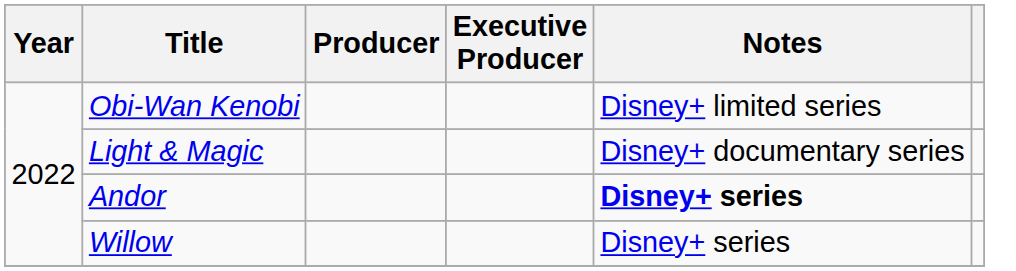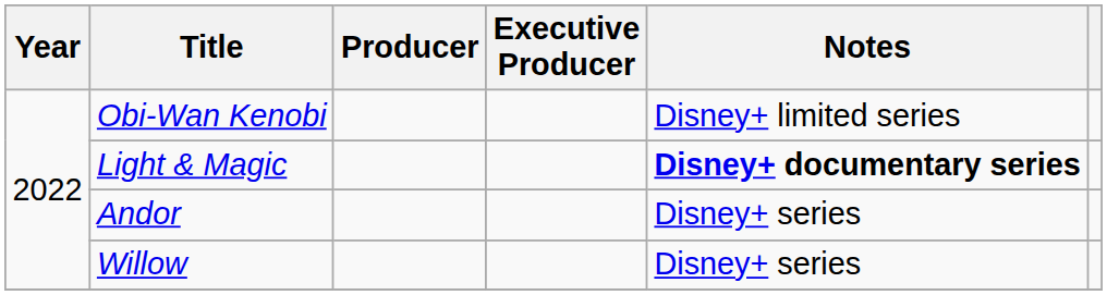 <table class = "wikitable">
 <tr>
 <th>Year</th>
 <th>Title</th>
 <th>Producer</th>
 <th>Executive<br>Producer</th>
 <th class="unsortable">Notes</th>
 <th class="unsortable"></th>
 </tr>
 <tr>
 <td rowspan="4">2022</td>
 <td><em><a href='#'>Obi-Wan Kenobi</a></em></td>
 <td></td>
 <td></td>
 <td><a href='#'>Disney+</a> limited series</td>
 <td></td>
 </tr>
 <tr>
 <td><em><a href='#'>Light & Magic</a></em></td>
 <td></td>
 <td></td>
-<td><a href='#'>Disney+</a> documentary series</td>
+<td><strong><a href='#'>Disney+</a> documentary series</strong></td>
 <td></td>
 </tr>
 <tr>
 <td><em><a href='#'>Andor</a></em></td>
 <td></td>
 <td></td>
-<td><strong><a href='#'>Disney+</a> series</strong></td>
+<td><a href='#'>Disney+</a> series</td>
 <td></td>
 </tr>
 <tr>
 <td><em><a href='#'>Willow</a></em></td>
 <td></td>
 <td></td>
 <td><a href='#'>Disney+</a> series</td>
 <td></td>
 </tr>
 <tr>
 </tr>
 </table>
